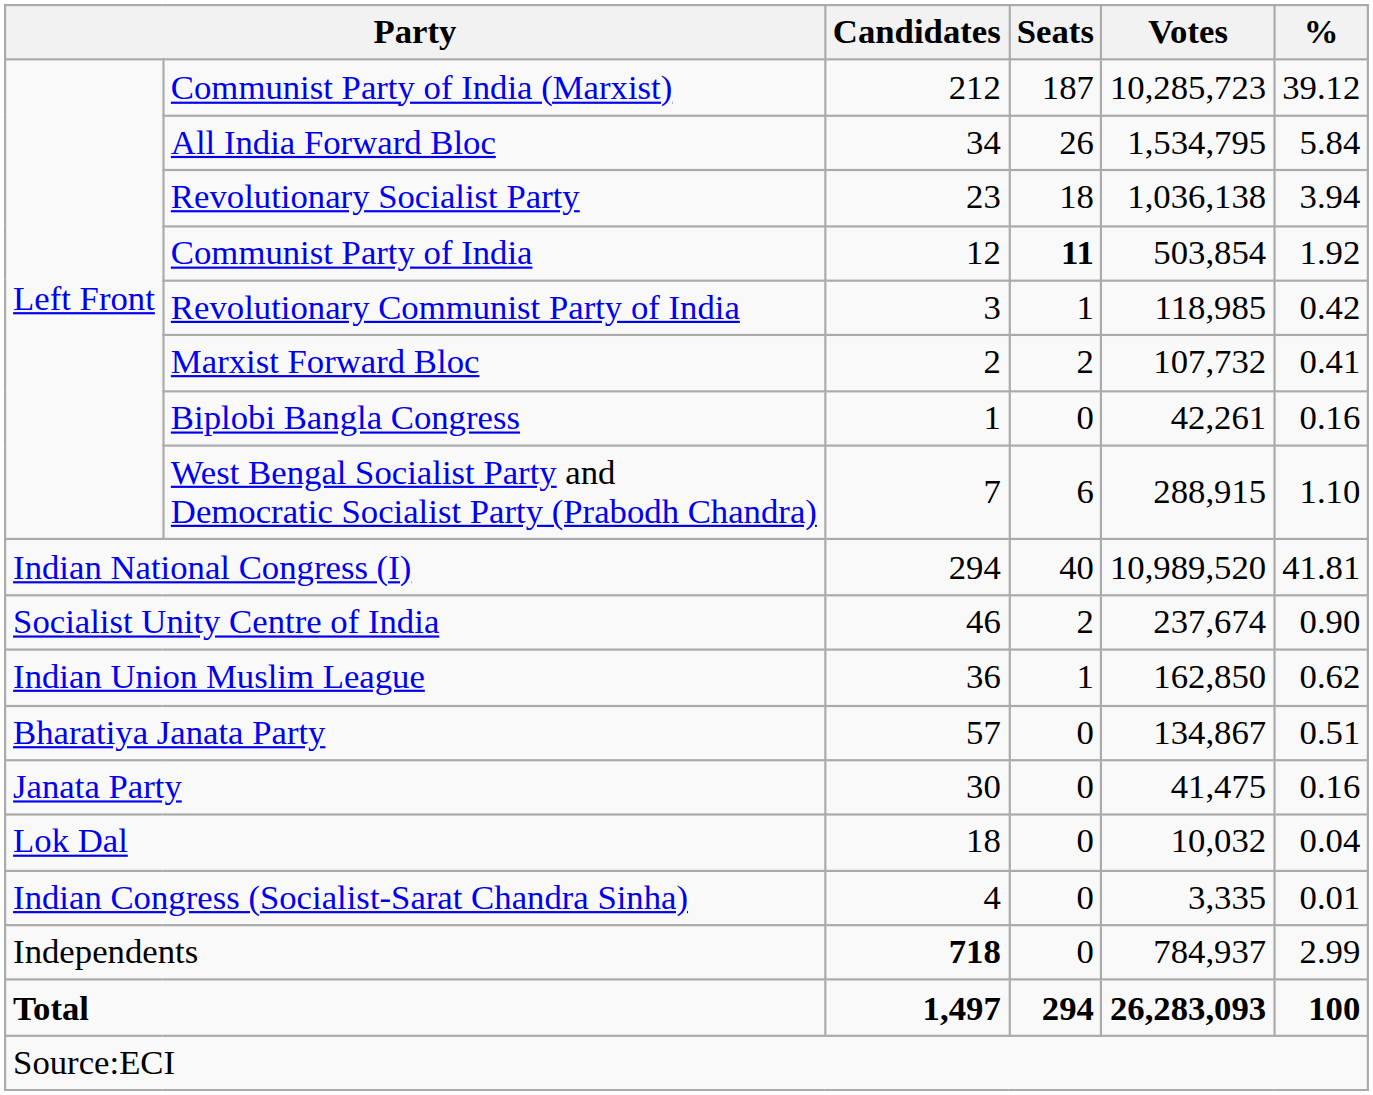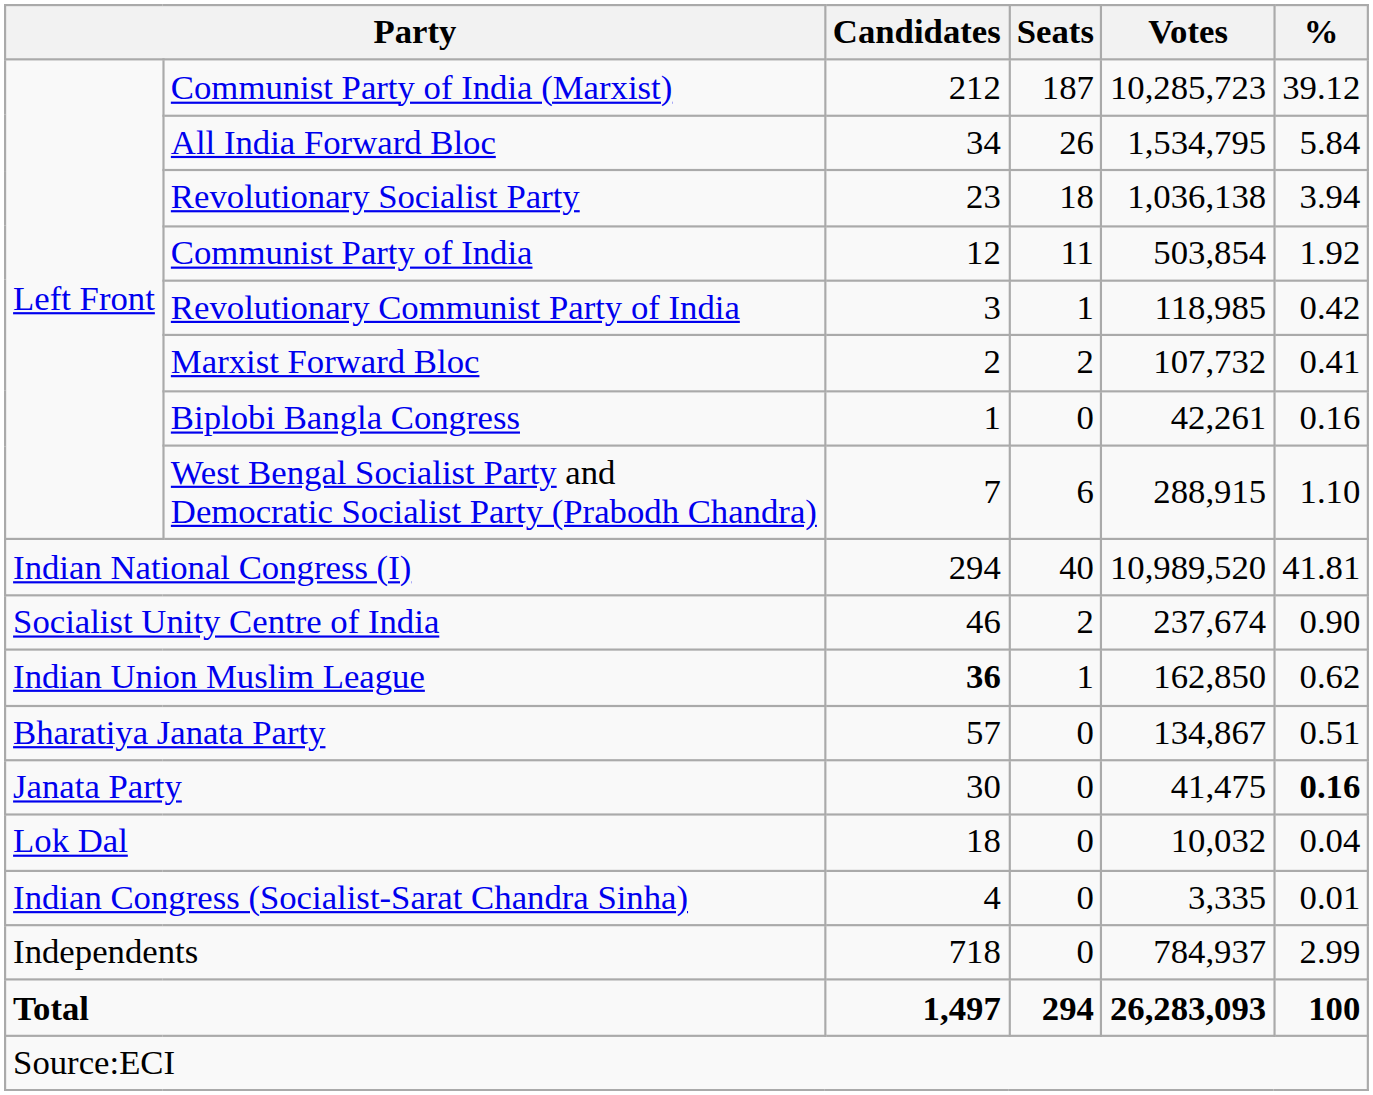 <table class=wikitable style=text-align:right>
 <tr>
 <th colspan=2>Party</th>
 <th>Candidates</th>
 <th>Seats</th>
 <th>Votes</th>
 <th>%</th>
 </tr>
 <tr>
 <td rowspan=8 align=left><a href='#'>Left Front</a></td>
 <td align=left><a href='#'>Communist Party of India (Marxist)</a></td>
 <td>212</td>
 <td>187</td>
 <td>10,285,723</td>
 <td>39.12</td>
 </tr>
 <tr>
 <td align=left><a href='#'>All India Forward Bloc</a></td>
 <td>34</td>
 <td>26</td>
 <td>1,534,795</td>
 <td>5.84</td>
 </tr>
 <tr>
 <td align=left><a href='#'>Revolutionary Socialist Party</a></td>
 <td>23</td>
 <td>18</td>
 <td>1,036,138</td>
 <td>3.94</td>
 </tr>
 <tr>
 <td align=left><a href='#'>Communist Party of India</a></td>
 <td>12</td>
-<td><strong>11</strong></td>
+<td>11</td>
 <td>503,854</td>
 <td>1.92</td>
 </tr>
 <tr>
 <td align=left><a href='#'>Revolutionary Communist Party of India</a></td>
 <td>3</td>
 <td>1</td>
 <td>118,985</td>
 <td>0.42</td>
 </tr>
 <tr>
 <td align=left><a href='#'>Marxist Forward Bloc</a></td>
 <td>2</td>
 <td>2</td>
 <td>107,732</td>
 <td>0.41</td>
 </tr>
 <tr>
 <td align=left><a href='#'>Biplobi Bangla Congress</a></td>
 <td>1</td>
 <td>0</td>
 <td>42,261</td>
 <td>0.16</td>
 </tr>
 <tr>
 <td align=left><a href='#'>West Bengal Socialist Party</a> and<br><a href='#'>Democratic Socialist Party (Prabodh Chandra)</a></td>
 <td>7</td>
 <td>6</td>
 <td>288,915</td>
 <td>1.10</td>
 </tr>
 <tr>
 <td colspan=2 align=left><a href='#'>Indian National Congress (I)</a></td>
 <td>294</td>
 <td>40</td>
 <td>10,989,520</td>
 <td>41.81</td>
 </tr>
 <tr>
 <td colspan=2 align=left><a href='#'>Socialist Unity Centre of India</a></td>
 <td>46</td>
 <td>2</td>
 <td>237,674</td>
 <td>0.90</td>
 </tr>
 <tr>
 <td colspan=2 align=left><a href='#'>Indian Union Muslim League</a></td>
-<td>36</td>
+<td><strong>36</strong></td>
 <td>1</td>
 <td>162,850</td>
 <td>0.62</td>
 </tr>
 <tr>
 <td colspan=2 align=left><a href='#'>Bharatiya Janata Party</a></td>
 <td>57</td>
 <td>0</td>
 <td>134,867</td>
 <td>0.51</td>
 </tr>
 <tr>
 <td colspan=2 align=left><a href='#'>Janata Party</a></td>
 <td>30</td>
 <td>0</td>
 <td>41,475</td>
-<td>0.16</td>
+<td><strong>0.16</strong></td>
 </tr>
 <tr>
 <td colspan=2 align=left><a href='#'>Lok Dal</a></td>
 <td>18</td>
 <td>0</td>
 <td>10,032</td>
 <td>0.04</td>
 </tr>
 <tr>
 <td colspan=2 align=left><a href='#'>Indian Congress (Socialist-Sarat Chandra Sinha)</a></td>
 <td>4</td>
 <td>0</td>
 <td>3,335</td>
 <td>0.01</td>
 </tr>
 <tr>
 <td colspan=2 align=left>Independents</td>
-<td><strong>718</strong></td>
+<td>718</td>
 <td>0</td>
 <td>784,937</td>
 <td>2.99</td>
 </tr>
 <tr>
 <td colspan=2 align=left><strong>Total</strong></td>
 <td><strong>1,497</strong></td>
 <td><strong>294</strong></td>
 <td><strong>26,283,093</strong></td>
 <td><strong>100</strong></td>
 </tr>
 <tr>
 <td align=left colspan=6>Source:ECI</td>
 </tr>
 </table>
